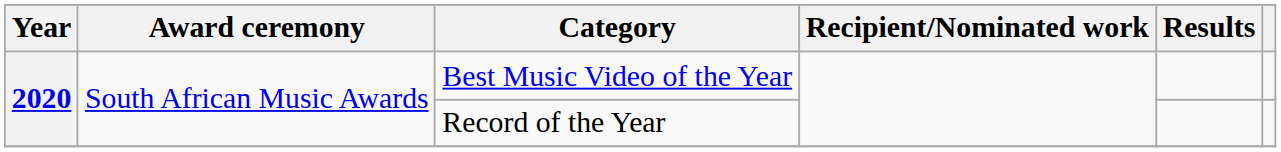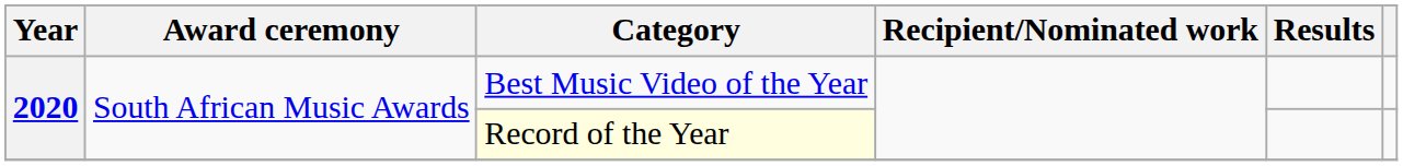 <table class="wikitable plainrowheaders">
 <tr>
 <th>Year</th>
 <th>Award ceremony</th>
 <th>Category</th>
 <th>Recipient/Nominated work</th>
 <th>Results</th>
 <th></th>
 </tr>
 <tr>
 <th scope="row" rowspan="2"><a href='#'>2020</a></th>
 <td rowspan="2"><a href='#'>South African Music Awards</a></td>
 <td><a href='#'>Best Music Video of the Year</a></td>
 <td rowspan="2"></td>
 <td></td>
 <td></td>
 </tr>
 <tr>
-<td>Record of the Year</td>
+<td style="background: lightyellow;">Record of the Year</td>
 <td></td>
 <td></td>
 </tr>
 <tr>
 </tr>
 </table>
